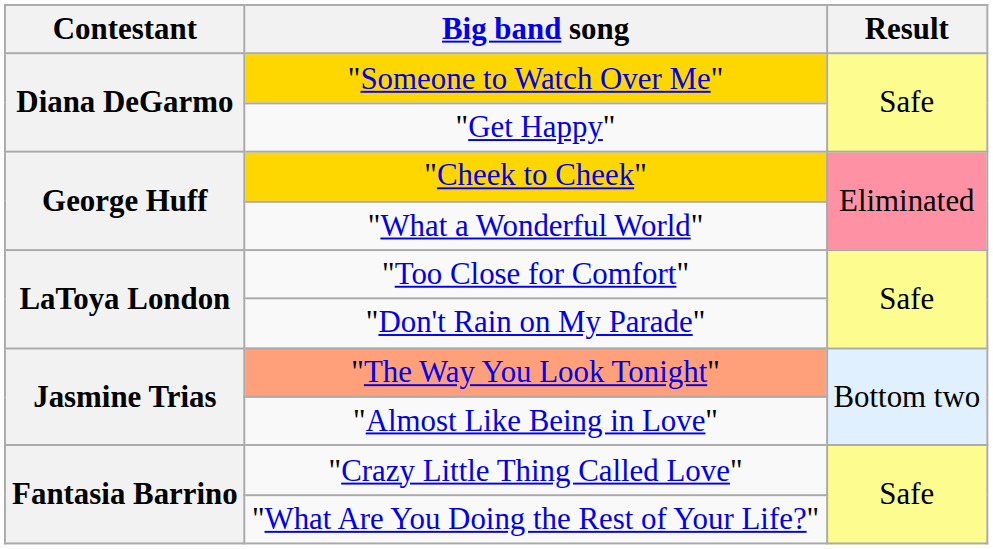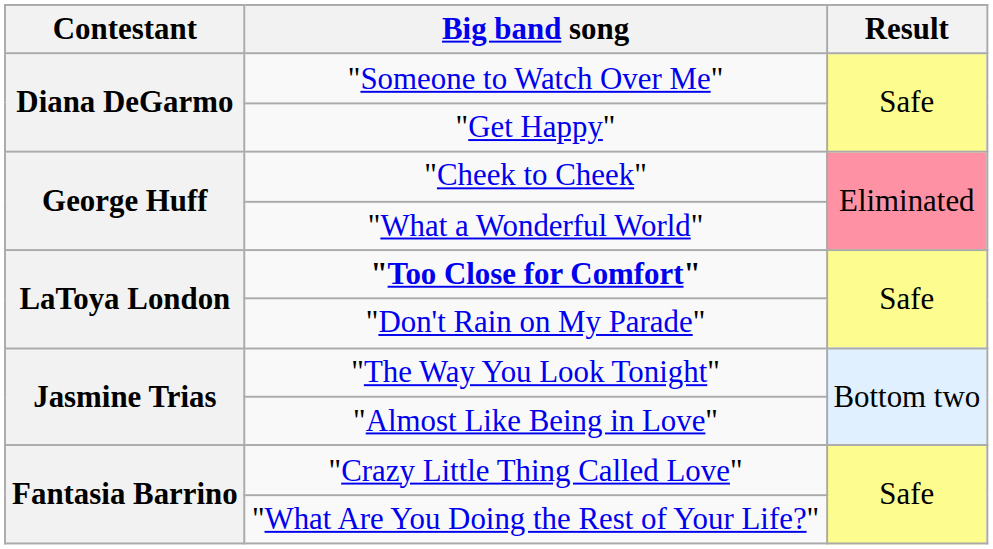 <table class="wikitable unsortable" style="text-align:center;">
 <tr>
 <th scope="col">Contestant</th>
 <th scope="col"><a href='#'>Big band</a> song</th>
 <th scope="col">Result</th>
 </tr>
 <tr>
 <th rowspan="2" scope="row">Diana DeGarmo</th>
-<td style="background: gold;">"<a href='#'>Someone to Watch Over Me</a>"</td>
+<td>"<a href='#'>Someone to Watch Over Me</a>"</td>
 <td rowspan="2" style="background:#FDFC8F;">Safe</td>
 </tr>
 <tr>
 <td>"<a href='#'>Get Happy</a>"</td>
 </tr>
 <tr>
 <th rowspan="2" scope="row">George Huff</th>
-<td style="background: gold;">"<a href='#'>Cheek to Cheek</a>"</td>
+<td>"<a href='#'>Cheek to Cheek</a>"</td>
 <td rowspan="2" bgcolor="FF91A4">Eliminated</td>
 </tr>
 <tr>
 <td>"<a href='#'>What a Wonderful World</a>"</td>
 </tr>
 <tr>
 <th rowspan="2" scope="row">LaToya London</th>
-<td>"<a href='#'>Too Close for Comfort</a>"</td>
+<td><strong>"<a href='#'>Too Close for Comfort</a>"</strong></td>
 <td rowspan="2" style="background:#FDFC8F;">Safe</td>
 </tr>
 <tr>
 <td>"<a href='#'>Don't Rain on My Parade</a>"</td>
 </tr>
 <tr>
 <th rowspan="2" scope="row">Jasmine Trias</th>
-<td style="background: lightsalmon;">"<a href='#'>The Way You Look Tonight</a>"</td>
+<td>"<a href='#'>The Way You Look Tonight</a>"</td>
 <td rowspan="2" bgcolor="E0F0FF">Bottom two</td>
 </tr>
 <tr>
 <td>"<a href='#'>Almost Like Being in Love</a>"</td>
 </tr>
 <tr>
 <th rowspan="2" scope="row">Fantasia Barrino</th>
 <td>"<a href='#'>Crazy Little Thing Called Love</a>"</td>
 <td rowspan="2" style="background:#FDFC8F;">Safe</td>
 </tr>
 <tr>
 <td>"<a href='#'>What Are You Doing the Rest of Your Life?</a>"</td>
 </tr>
 </table>
